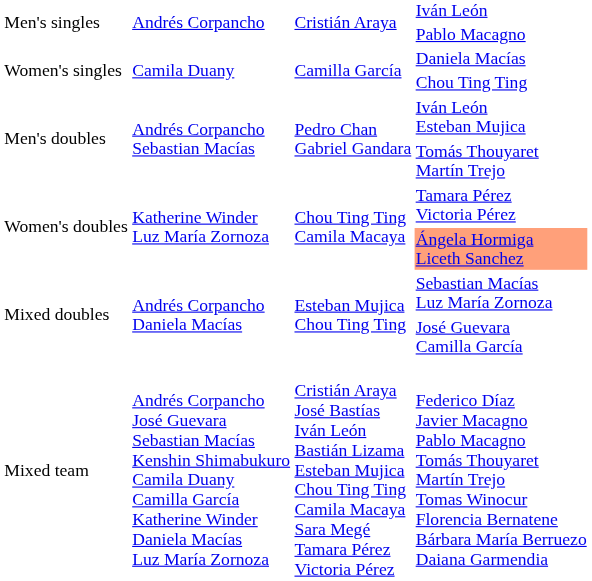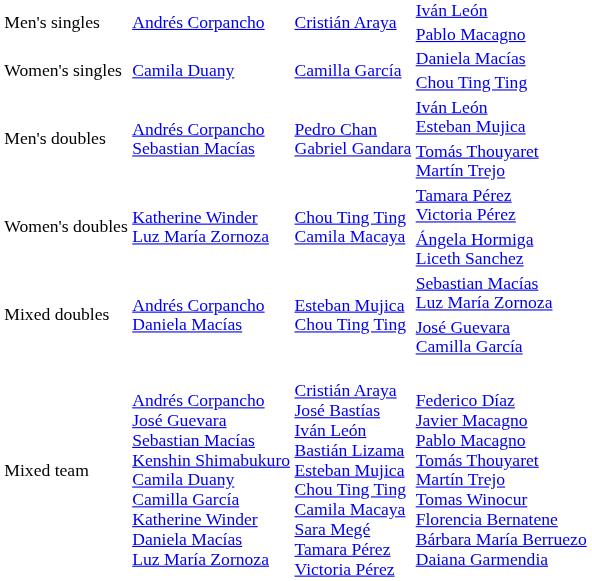 <table>
 <tr>
 <td rowspan="2">Men's singles</td>
 <td rowspan="2"> <a href='#'>Andrés Corpancho</a></td>
 <td rowspan="2"> <a href='#'>Cristián Araya</a></td>
 <td> <a href='#'>Iván León</a></td>
 </tr>
 <tr>
 <td> <a href='#'>Pablo Macagno</a></td>
 </tr>
 <tr>
 <td rowspan="2">Women's singles</td>
 <td rowspan="2"> <a href='#'>Camila Duany</a></td>
 <td rowspan="2"> <a href='#'>Camilla García</a></td>
 <td> <a href='#'>Daniela Macías</a></td>
 </tr>
 <tr>
 <td> <a href='#'>Chou Ting Ting</a></td>
 </tr>
 <tr>
 <td rowspan="2">Men's doubles</td>
 <td rowspan="2"> <a href='#'>Andrés Corpancho</a><br> <a href='#'>Sebastian Macías</a></td>
 <td rowspan="2"> <a href='#'>Pedro Chan</a><br> <a href='#'>Gabriel Gandara</a></td>
 <td> <a href='#'>Iván León</a><br> <a href='#'>Esteban Mujica</a></td>
 </tr>
 <tr>
 <td> <a href='#'>Tomás Thouyaret</a><br> <a href='#'>Martín Trejo</a></td>
 </tr>
 <tr>
 <td rowspan="2">Women's doubles</td>
 <td rowspan="2"> <a href='#'>Katherine Winder</a><br> <a href='#'>Luz María Zornoza</a></td>
 <td rowspan="2"> <a href='#'>Chou Ting Ting</a><br> <a href='#'>Camila Macaya</a></td>
 <td> <a href='#'>Tamara Pérez</a><br> <a href='#'>Victoria Pérez</a></td>
 </tr>
 <tr>
-<td style="background: lightsalmon;"> <a href='#'>Ángela Hormiga</a><br> <a href='#'>Liceth Sanchez</a></td>
+<td> <a href='#'>Ángela Hormiga</a><br> <a href='#'>Liceth Sanchez</a></td>
 </tr>
 <tr>
 <td rowspan="2">Mixed doubles</td>
 <td rowspan="2"> <a href='#'>Andrés Corpancho</a><br> <a href='#'>Daniela Macías</a></td>
 <td rowspan="2"> <a href='#'>Esteban Mujica</a><br> <a href='#'>Chou Ting Ting</a></td>
 <td> <a href='#'>Sebastian Macías</a><br> <a href='#'>Luz María Zornoza</a></td>
 </tr>
 <tr>
 <td> <a href='#'>José Guevara</a><br> <a href='#'>Camilla García</a></td>
 </tr>
 <tr>
 <td>Mixed team</td>
 <td align="left"><br><a href='#'>Andrés Corpancho</a><br><a href='#'>José Guevara</a><br><a href='#'>Sebastian Macías</a><br><a href='#'>Kenshin Shimabukuro</a><br><a href='#'>Camila Duany</a><br><a href='#'>Camilla García</a><br><a href='#'>Katherine Winder</a><br><a href='#'>Daniela Macías</a><br><a href='#'>Luz María Zornoza</a></td>
 <td align="left"><br><a href='#'>Cristián Araya</a><br><a href='#'>José Bastías</a><br><a href='#'>Iván León</a><br><a href='#'>Bastián Lizama</a><br><a href='#'>Esteban Mujica</a><br><a href='#'>Chou Ting Ting</a><br><a href='#'>Camila Macaya</a><br><a href='#'>Sara Megé</a><br><a href='#'>Tamara Pérez</a><br><a href='#'>Victoria Pérez</a></td>
 <td align="left"><br><a href='#'>Federico Díaz</a><br><a href='#'>Javier Macagno</a><br><a href='#'>Pablo Macagno</a><br><a href='#'>Tomás Thouyaret</a><br><a href='#'>Martín Trejo</a><br><a href='#'>Tomas Winocur</a><br><a href='#'>Florencia Bernatene</a><br><a href='#'>Bárbara María Berruezo</a><br><a href='#'>Daiana Garmendia</a></td>
 </tr>
 </table>
